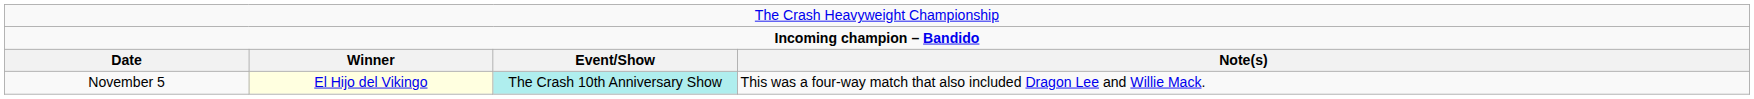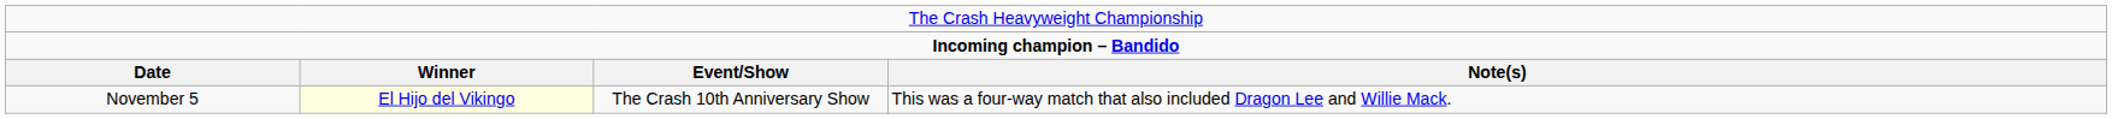 <table class="wikitable" style="text-align:center; width:100%;">
 <tr>
 <td colspan="4" style="text-align: center;"><a href='#'>The Crash Heavyweight Championship</a></td>
 </tr>
 <tr>
 <td colspan="4" style="text-align: center;"><strong>Incoming champion – <a href='#'>Bandido</a></strong></td>
 </tr>
 <tr>
 <th width=14%>Date</th>
 <th width=14%>Winner</th>
 <th width=14%>Event/Show</th>
 <th width=58%>Note(s)</th>
 </tr>
 <tr>
 <td>November 5</td>
 <td style="background: lightyellow;"><a href='#'>El Hijo del Vikingo</a></td>
-<td style="background: paleturquoise;">The Crash 10th Anniversary Show</td>
+<td>The Crash 10th Anniversary Show</td>
 <td align=left>This was a four-way match that also included <a href='#'>Dragon Lee</a> and <a href='#'>Willie Mack</a>.</td>
 </tr>
 </table>
